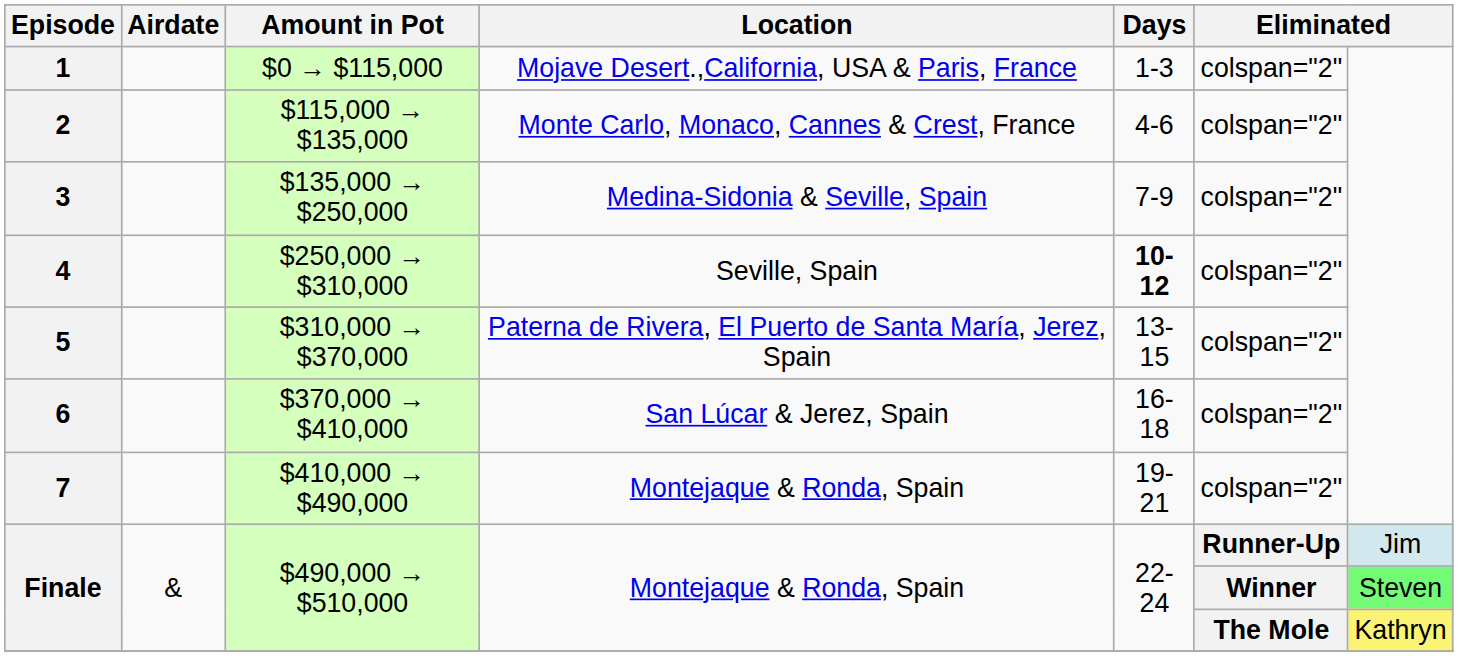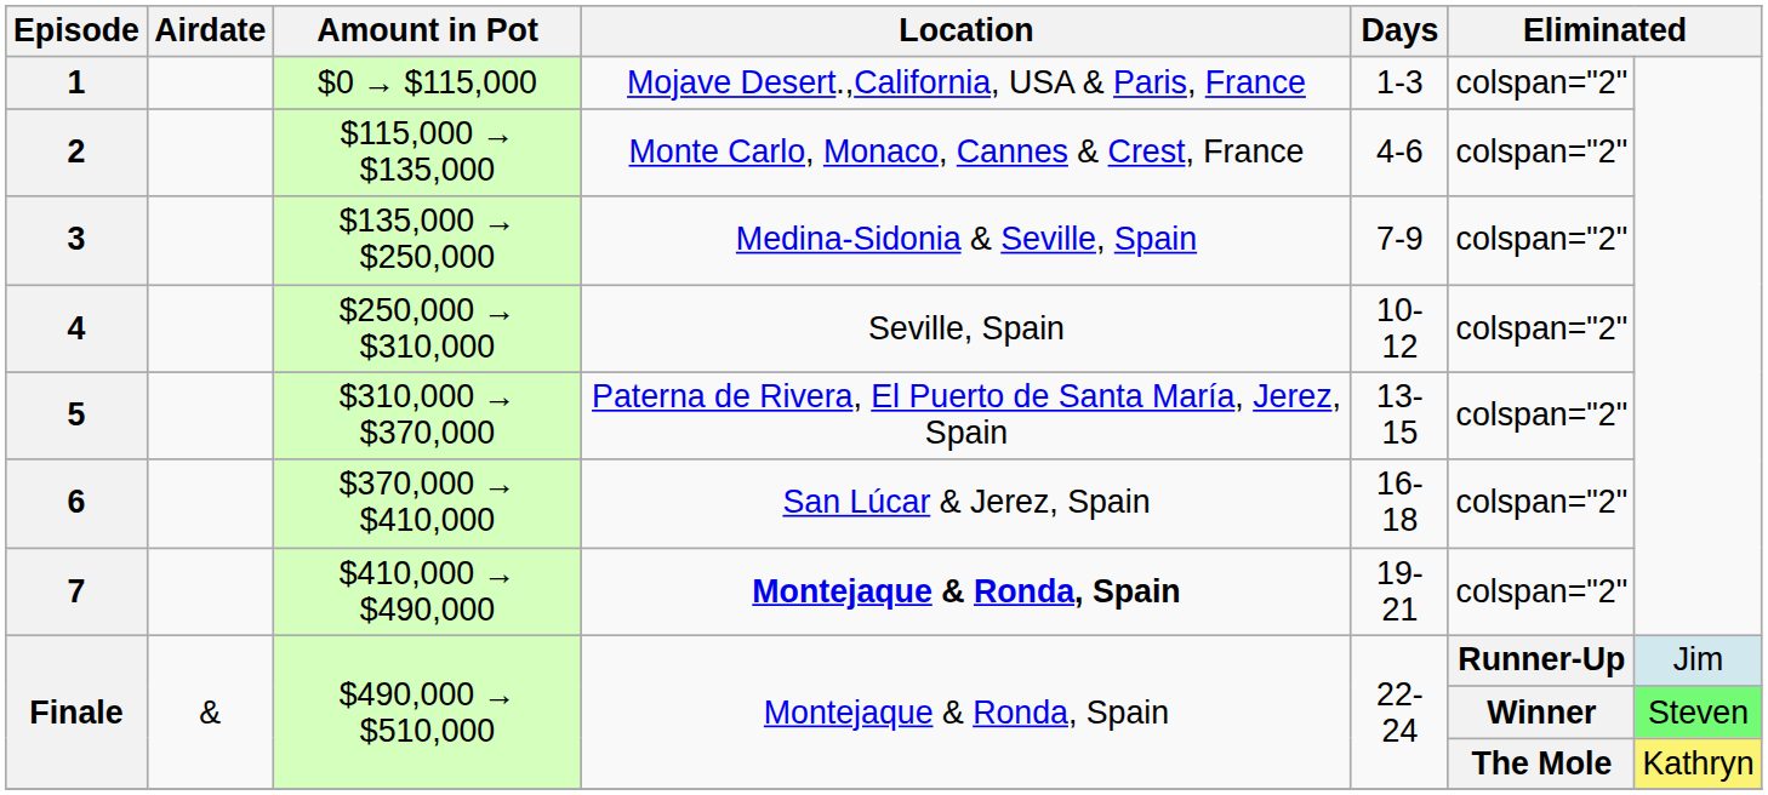 <table class="wikitable" style="text-align: center;">
 <tr>
 <th scope="col">Episode</th>
 <th scope="col">Airdate</th>
 <th scope="col">Amount in Pot</th>
 <th scope="col">Location</th>
 <th scope="col">Days</th>
 <th scope="col" colspan=2>Eliminated</th>
 </tr>
 <tr>
 <th scope="row">1</th>
 <td></td>
 <td style="background:#D5FFBD">$0 → $115,000</td>
 <td><a href='#'>Mojave Desert</a>.,<a href='#'>California</a>, USA & <a href='#'>Paris</a>, <a href='#'>France</a></td>
 <td>1-3</td>
 <td>colspan="2" </td>
 </tr>
 <tr>
 <th scope="row">2</th>
 <td></td>
 <td style="background:#D5FFBD">$115,000 → $135,000</td>
 <td><a href='#'>Monte Carlo</a>, <a href='#'>Monaco</a>, <a href='#'>Cannes</a> & <a href='#'>Crest</a>, France</td>
 <td>4-6</td>
 <td>colspan="2" </td>
 </tr>
 <tr>
 <th scope="row">3</th>
 <td></td>
 <td style="background:#D5FFBD">$135,000 → $250,000</td>
 <td><a href='#'>Medina-Sidonia</a> & <a href='#'>Seville</a>, <a href='#'>Spain</a></td>
 <td>7-9</td>
 <td>colspan="2" </td>
 </tr>
 <tr>
 <th scope="row">4</th>
 <td></td>
 <td style="background:#D5FFBD">$250,000 → $310,000</td>
 <td>Seville, Spain</td>
-<td><strong>10-12</strong></td>
+<td>10-12</td>
 <td>colspan="2" </td>
 </tr>
 <tr>
 <th scope="row">5</th>
 <td></td>
 <td style="background:#D5FFBD">$310,000 → $370,000</td>
 <td><a href='#'>Paterna de Rivera</a>, <a href='#'>El Puerto de Santa María</a>, <a href='#'>Jerez</a>, Spain</td>
 <td>13-15</td>
 <td>colspan="2" </td>
 </tr>
 <tr>
 <th scope="row">6</th>
 <td></td>
 <td style="background:#D5FFBD">$370,000 → $410,000</td>
 <td><a href='#'>San Lúcar</a> & Jerez, Spain</td>
 <td>16-18</td>
 <td>colspan="2" </td>
 </tr>
 <tr>
 <th scope="row">7</th>
 <td></td>
 <td style="background:#D5FFBD">$410,000 → $490,000</td>
-<td><a href='#'>Montejaque</a> & <a href='#'>Ronda</a>, Spain</td>
+<td><strong><a href='#'>Montejaque</a> & <a href='#'>Ronda</a>, Spain</strong></td>
 <td>19-21</td>
 <td>colspan="2" </td>
 </tr>
 <tr>
 <th scope="rowgroup" rowspan=3>Finale</th>
 <td rowspan=3> &<br></td>
 <td rowspan=3 style="background:#D5FFBD">$490,000 → $510,000</td>
 <td rowspan=3><a href='#'>Montejaque</a> & <a href='#'>Ronda</a>, Spain</td>
 <td rowspan=3>22-24</td>
 <th scope="row">Runner-Up</th>
 <td bgcolor="#d1e8ef">Jim</td>
 </tr>
 <tr>
 <th scope="row">Winner</th>
 <td bgcolor="#73FB76">Steven</td>
 </tr>
 <tr>
 <th scope="row">The Mole</th>
 <td bgcolor="#fbf373">Kathryn</td>
 </tr>
 <tr>
 </tr>
 </table>
